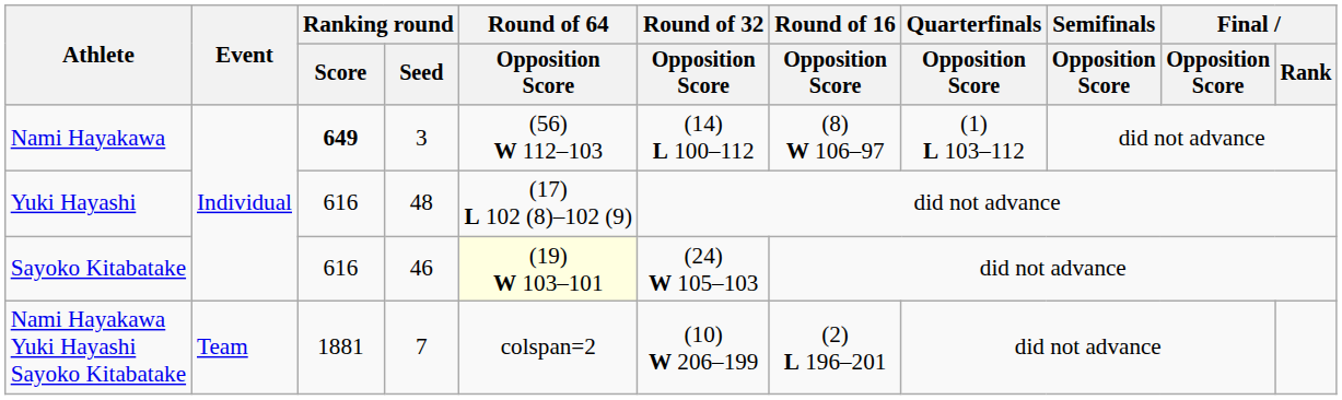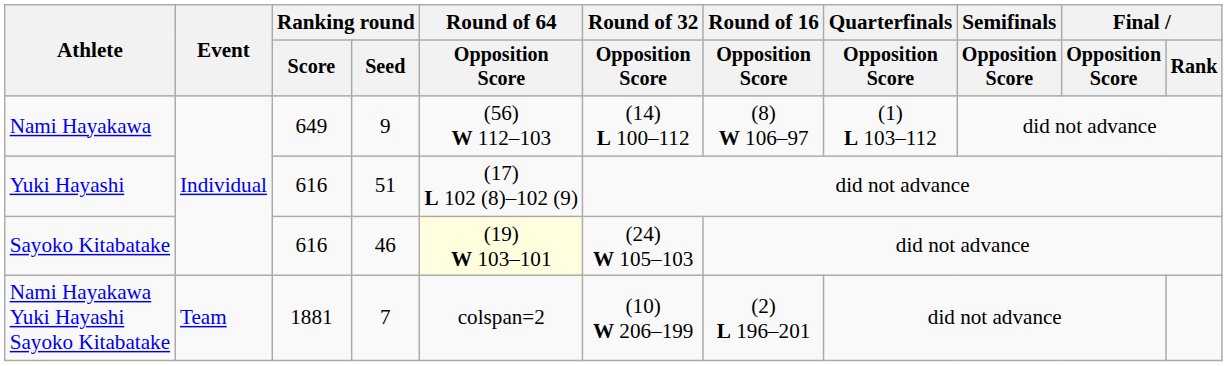 <table class="wikitable" style="font-size:90%">
 <tr>
 <th rowspan="2">Athlete</th>
 <th rowspan="2">Event</th>
 <th colspan="2">Ranking round</th>
 <th>Round of 64</th>
 <th>Round of 32</th>
 <th>Round of 16</th>
 <th>Quarterfinals</th>
 <th>Semifinals</th>
 <th colspan="2">Final / </th>
 </tr>
 <tr style="font-size:95%">
 <th>Score</th>
 <th>Seed</th>
 <th>Opposition<br>Score</th>
 <th>Opposition<br>Score</th>
 <th>Opposition<br>Score</th>
 <th>Opposition<br>Score</th>
 <th>Opposition<br>Score</th>
 <th>Opposition<br>Score</th>
 <th>Rank</th>
 </tr>
 <tr align=center>
 <td align=left><a href='#'>Nami Hayakawa</a></td>
 <td align=left rowspan=3><a href='#'>Individual</a></td>
-<td><strong>649</strong></td>
-<td>3</td>
+<td>649</td>
+<td>9</td>
 <td> (56)<br><strong>W</strong> 112–103</td>
 <td> (14)<br><strong>L</strong> 100–112</td>
 <td> (8)<br><strong>W</strong> 106–97</td>
 <td> (1)<br><strong>L</strong> 103–112</td>
 <td colspan=3>did not advance</td>
 </tr>
 <tr align=center>
 <td align=left><a href='#'>Yuki Hayashi</a></td>
 <td>616</td>
-<td>48</td>
+<td>51</td>
 <td> (17)<br><strong>L</strong> 102 (8)–102 (9)</td>
 <td colspan=6>did not advance</td>
 </tr>
 <tr align=center>
 <td align=left><a href='#'>Sayoko Kitabatake</a></td>
 <td>616</td>
 <td>46</td>
 <td style="background: lightyellow;"> (19)<br><strong>W</strong> 103–101</td>
 <td> (24)<br><strong>W</strong> 105–103</td>
 <td colspan=5>did not advance</td>
 </tr>
 <tr align=center>
 <td align=left><a href='#'>Nami Hayakawa</a><br><a href='#'>Yuki Hayashi</a><br><a href='#'>Sayoko Kitabatake</a></td>
 <td align=left><a href='#'>Team</a></td>
 <td>1881</td>
 <td>7</td>
 <td>colspan=2 </td>
 <td> (10)<br> <strong>W</strong> 206–199</td>
 <td> (2)<br> <strong>L</strong> 196–201</td>
 <td colspan=3>did not advance</td>
 </tr>
 </table>
